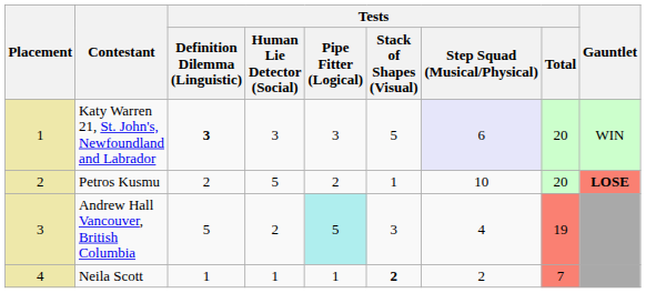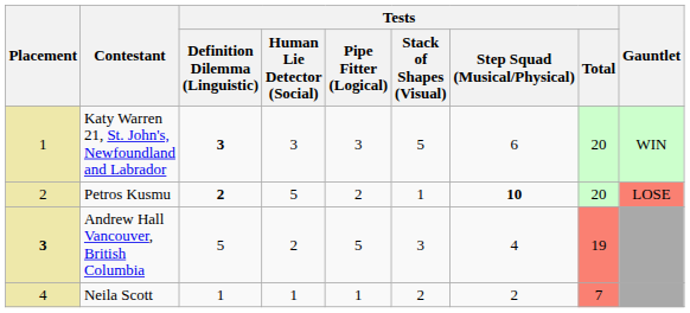 <table class="wikitable" style="text-align:center;">
 <tr>
 <th rowspan="2">Placement</th>
 <th rowspan="2">Contestant</th>
 <th colspan="6">Tests</th>
 <th rowspan="2">Gauntlet</th>
 </tr>
 <tr>
 <th>Definition Dilemma<br>(Linguistic)</th>
 <th>Human Lie Detector<br>(Social)</th>
 <th>Pipe Fitter<br>(Logical)</th>
 <th>Stack of Shapes<br>(Visual)</th>
 <th>Step Squad<br>(Musical/Physical)</th>
 <th>Total</th>
 </tr>
 <tr>
 <td bgcolor="palegoldenrod">1</td>
 <td align="left">Katy Warren 21, <a href='#'>St. John's, Newfoundland and Labrador</a></td>
 <td><strong>3</strong></td>
 <td>3</td>
 <td>3</td>
 <td>5</td>
-<td style="background: lavender;">6</td>
+<td>6</td>
 <td bgcolor="#cfc">20</td>
 <td bgcolor="#cfc">WIN</td>
 </tr>
 <tr>
 <td bgcolor="palegoldenrod">2</td>
 <td align="left">Petros Kusmu</td>
-<td>2</td>
+<td><strong>2</strong></td>
 <td>5</td>
 <td>2</td>
 <td>1</td>
-<td>10</td>
+<td><strong>10</strong></td>
 <td bgcolor="#cfc">20</td>
-<td bgcolor="salmon"><strong>LOSE</strong></td>
+<td bgcolor="salmon">LOSE</td>
 </tr>
 <tr>
-<td bgcolor="palegoldenrod">3</td>
+<td bgcolor="palegoldenrod"><strong>3</strong></td>
 <td align="left">Andrew Hall <a href='#'>Vancouver</a>, <a href='#'>British Columbia</a></td>
 <td>5</td>
 <td>2</td>
-<td style="background: paleturquoise;">5</td>
+<td>5</td>
 <td>3</td>
 <td>4</td>
 <td bgcolor="salmon">19</td>
 <td bgcolor="darkgrey"></td>
 </tr>
 <tr>
 <td bgcolor="palegoldenrod">4</td>
 <td align="left">Neila Scott</td>
 <td>1</td>
 <td>1</td>
 <td>1</td>
-<td><strong>2</strong></td>
+<td>2</td>
 <td>2</td>
 <td bgcolor="salmon">7</td>
 <td bgcolor="darkgrey"></td>
 </tr>
 </table>
